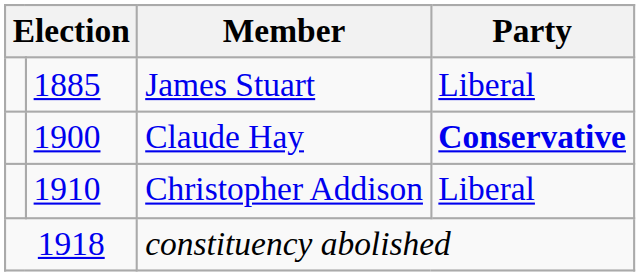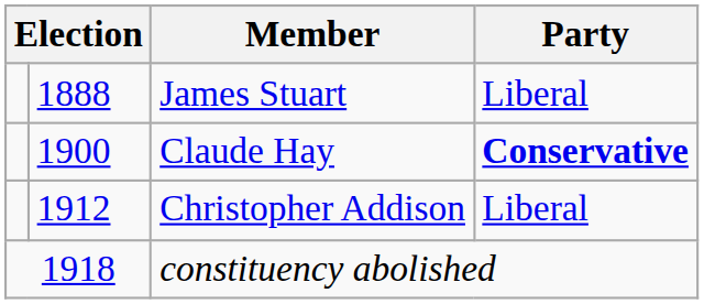 <table class="wikitable">
 <tr>
 <th colspan="2">Election</th>
 <th>Member</th>
 <th>Party</th>
 </tr>
 <tr>
 <td style="color:inherit;background-color: "></td>
-<td><a href='#'>1885</a></td>
+<td><a href='#'>1888</a></td>
 <td><a href='#'>James Stuart</a></td>
 <td><a href='#'>Liberal</a></td>
 </tr>
 <tr>
 <td style="color:inherit;background-color: "></td>
 <td><a href='#'>1900</a></td>
 <td><a href='#'>Claude Hay</a></td>
 <td><strong><a href='#'>Conservative</a></strong></td>
 </tr>
 <tr>
 <td style="color:inherit;background-color: "></td>
-<td><a href='#'>1910</a></td>
+<td><a href='#'>1912</a></td>
 <td><a href='#'>Christopher Addison</a></td>
 <td><a href='#'>Liberal</a></td>
 </tr>
 <tr>
 <td colspan="2" align="center"><a href='#'>1918</a></td>
 <td colspan="2"><em>constituency abolished</em></td>
 </tr>
 </table>
